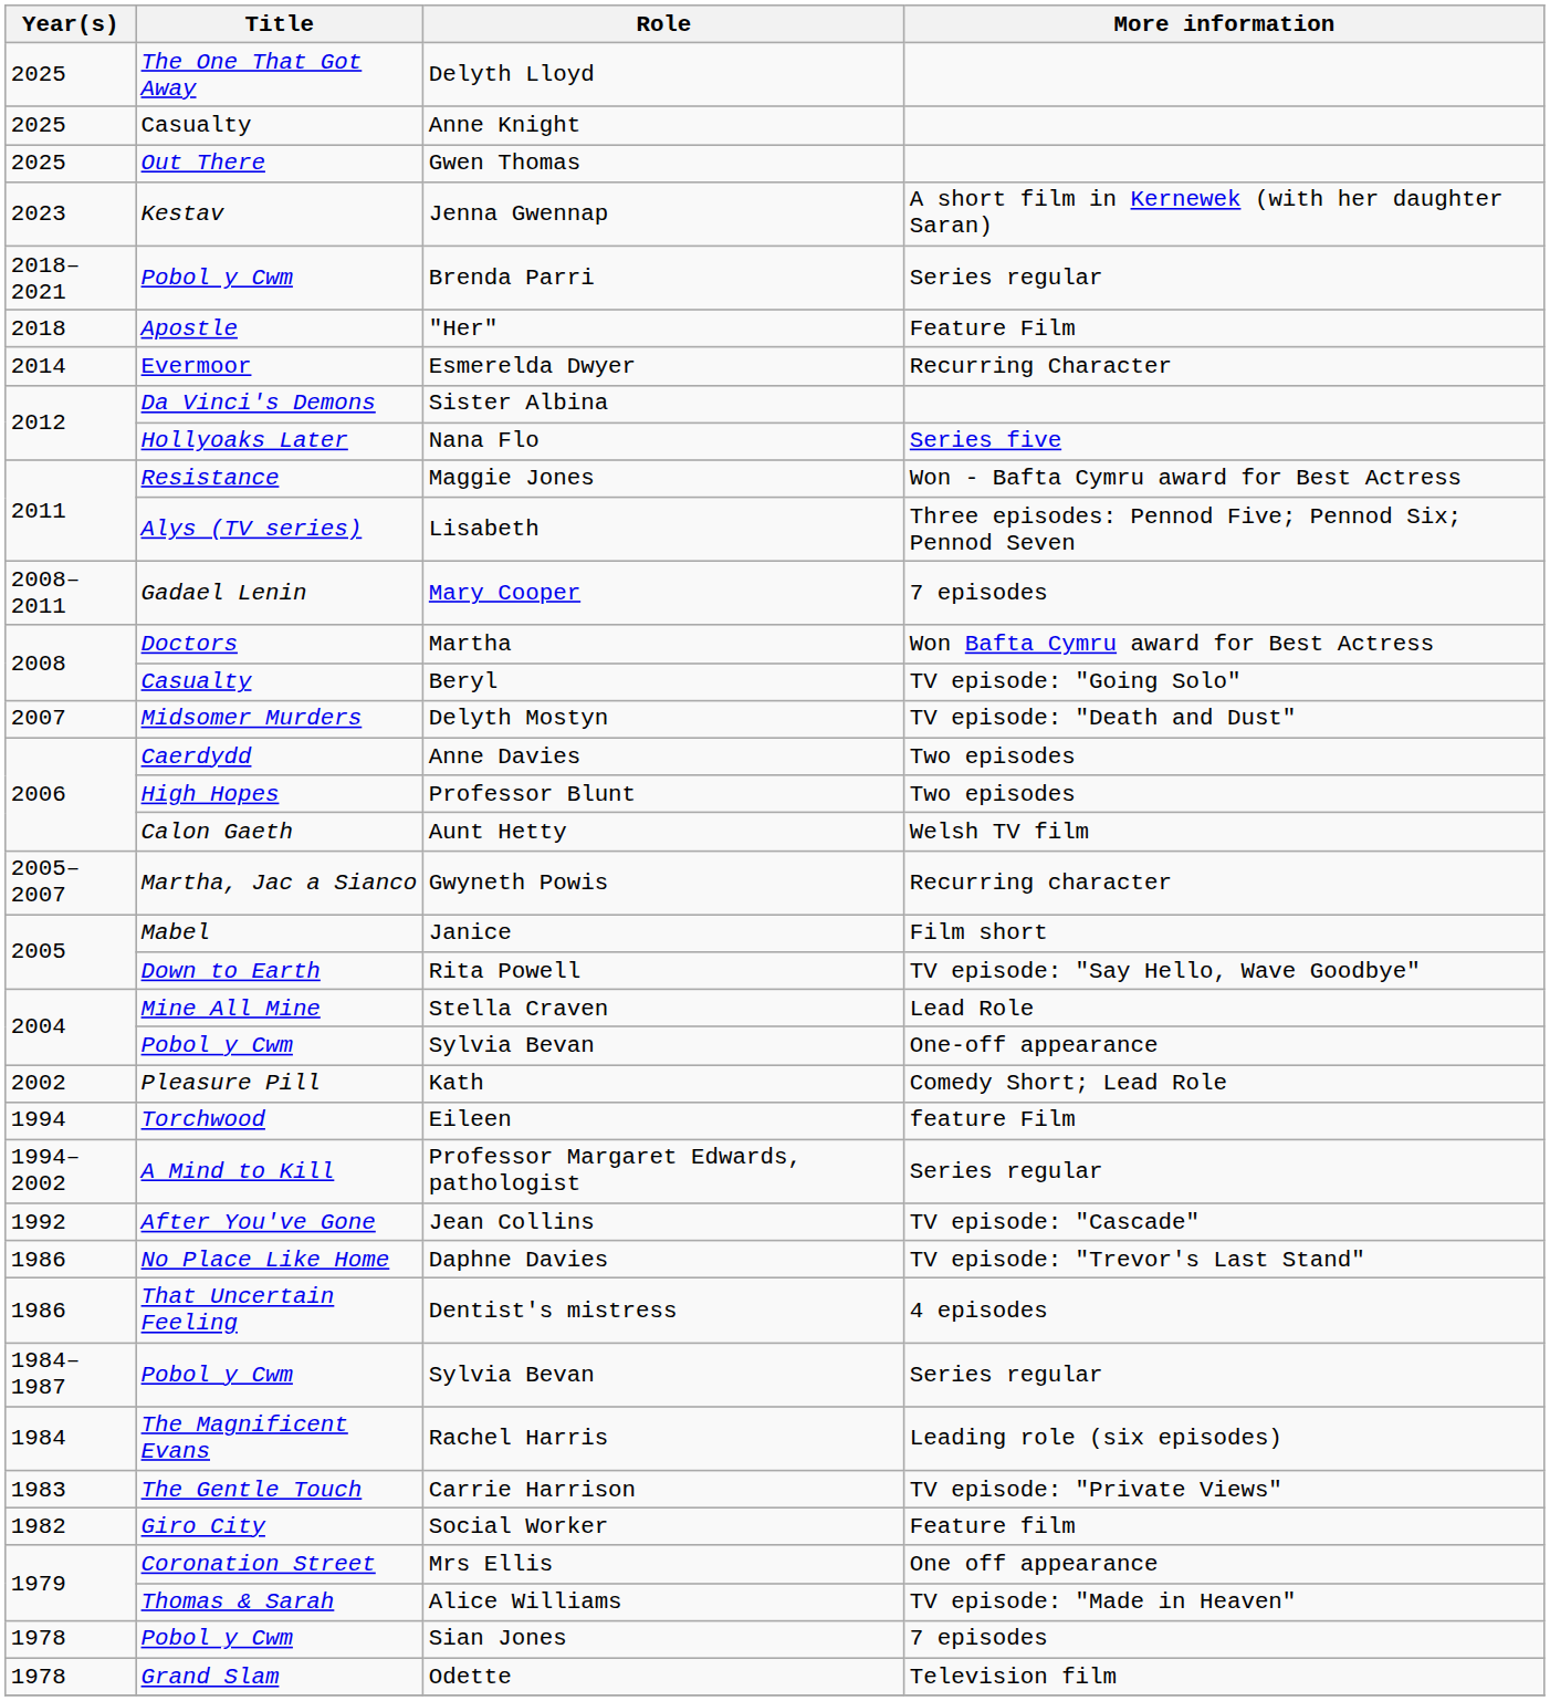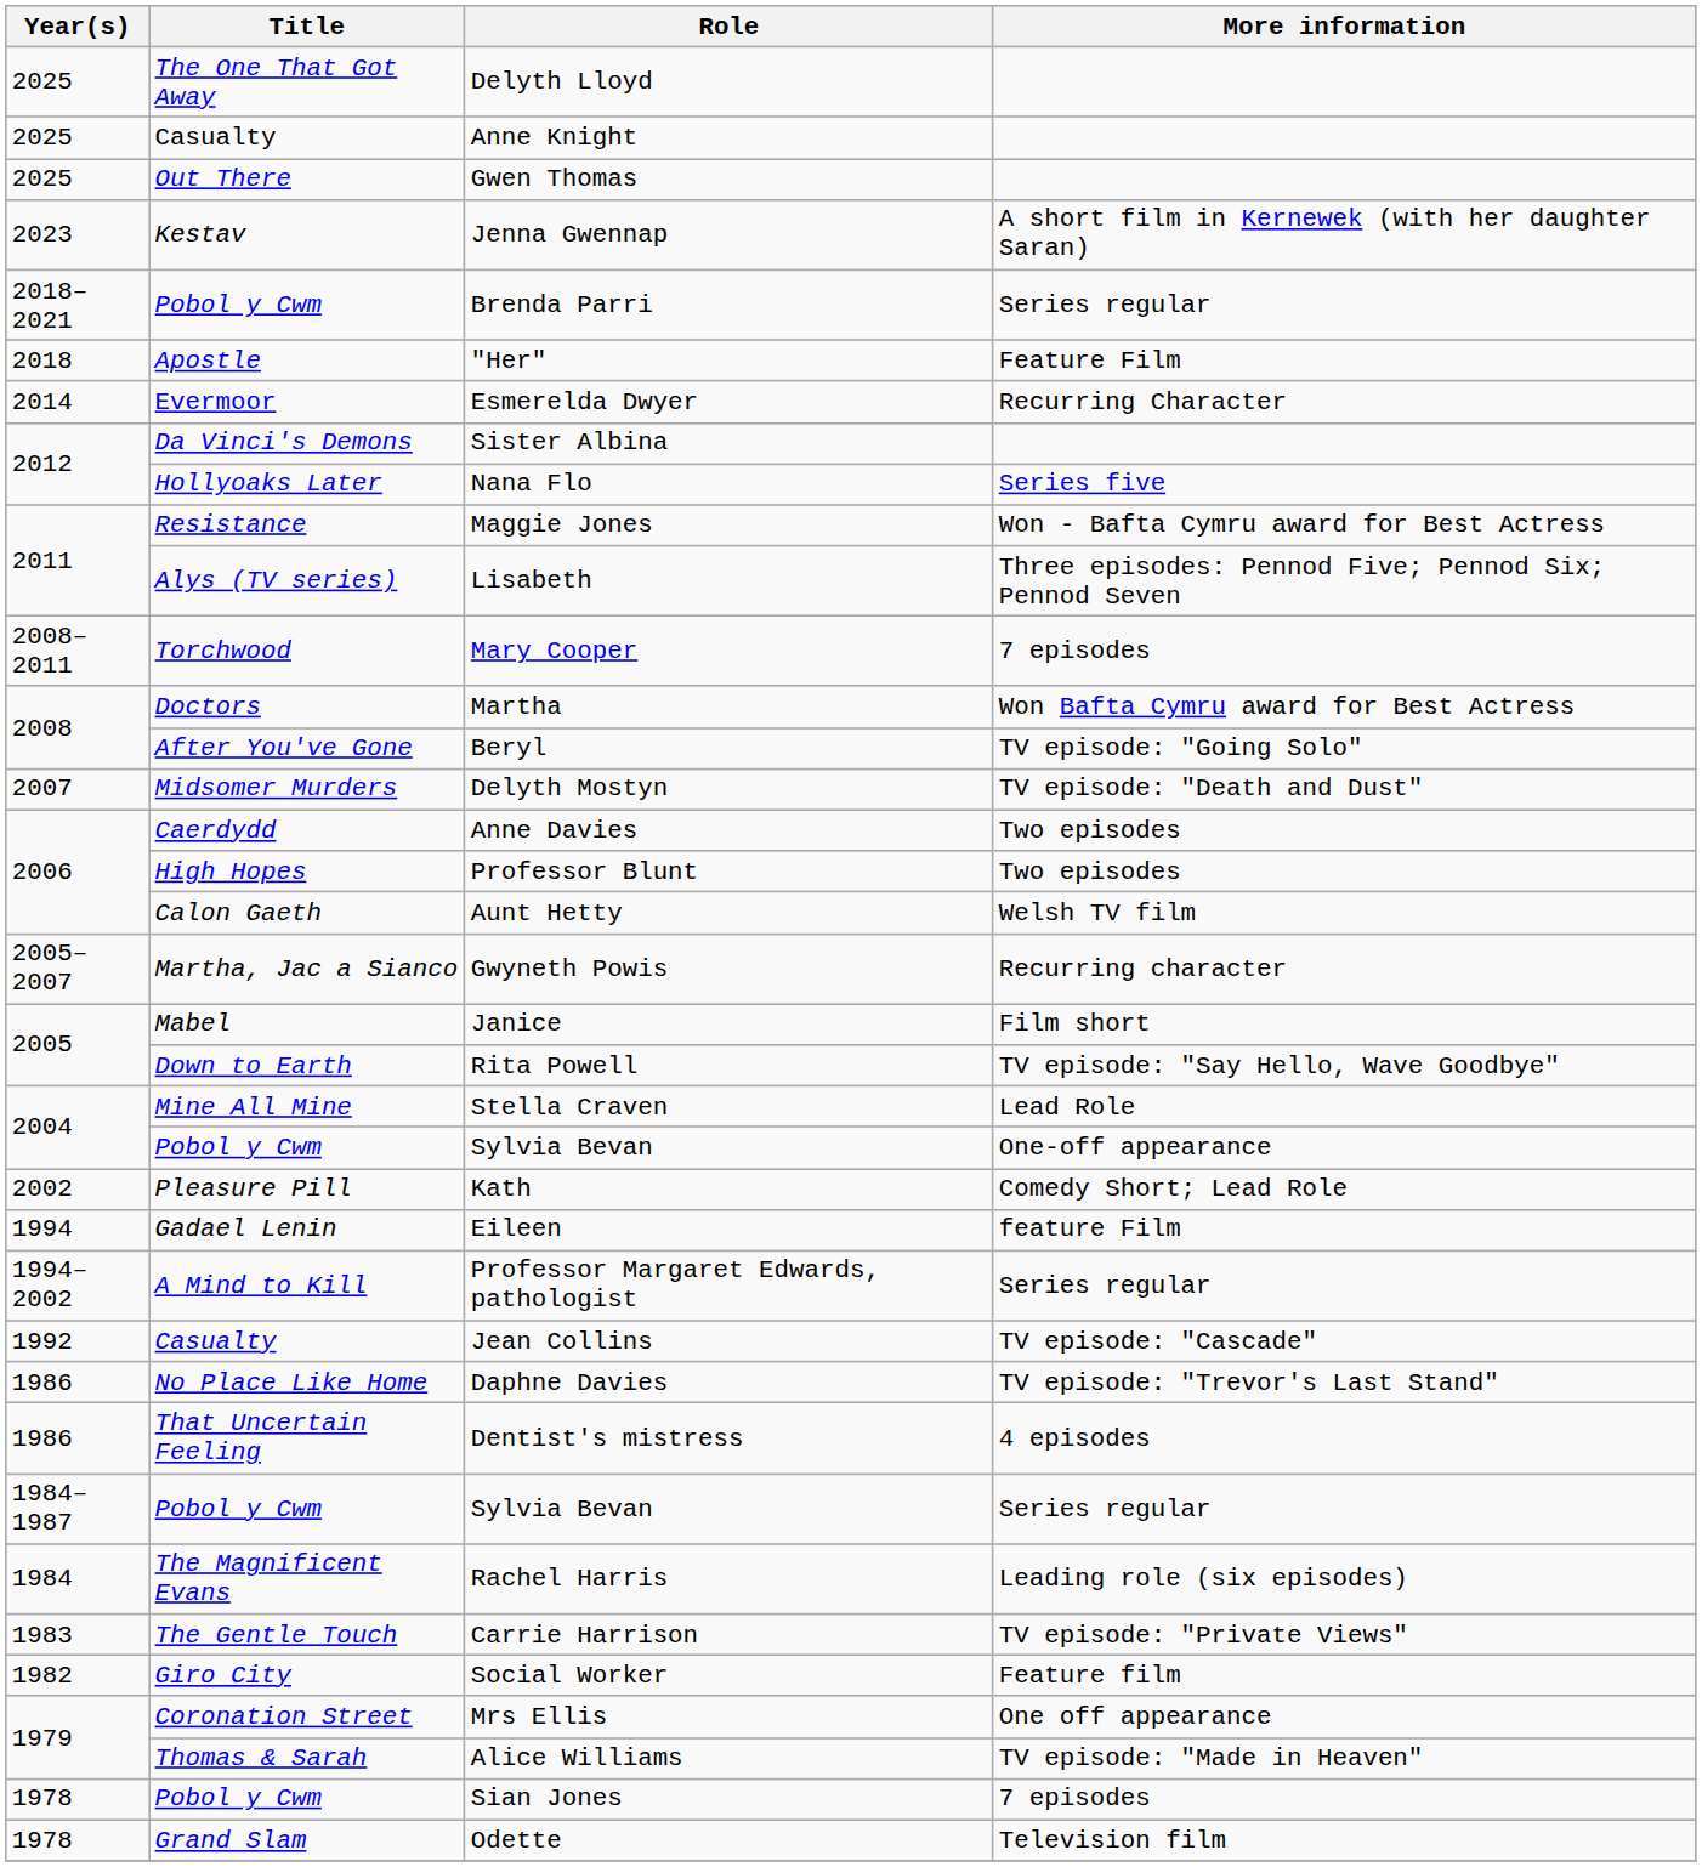 <table class="wikitable sortable">
 <tr>
 <th>Year(s)</th>
 <th>Title</th>
 <th>Role</th>
 <th class="unsortable">More information</th>
 </tr>
 <tr>
 <td>2025</td>
 <td><em><a href='#'>The One That Got Away</a></em></td>
 <td>Delyth Lloyd</td>
 <td></td>
 </tr>
 <tr>
 <td>2025</td>
 <td>Casualty</td>
 <td>Anne Knight</td>
 <td></td>
 </tr>
 <tr>
 <td>2025</td>
 <td><em><a href='#'>Out There</a></em></td>
 <td>Gwen Thomas</td>
 <td></td>
 </tr>
 <tr>
 <td rowspan = "1">2023</td>
 <td><em>Kestav</em></td>
 <td>Jenna Gwennap</td>
 <td>A short film in <a href='#'>Kernewek</a> (with her daughter Saran)</td>
 </tr>
 <tr>
 <td rowspan = "1">2018–2021</td>
 <td><em><a href='#'>Pobol y Cwm</a></em></td>
 <td>Brenda Parri</td>
 <td>Series regular</td>
 </tr>
 <tr>
 <td rowspan = "1">2018</td>
 <td><em><a href='#'>Apostle</a></em></td>
 <td>"Her"</td>
 <td>Feature Film</td>
 </tr>
 <tr>
 <td rowspan = "1">2014</td>
 <td><a href='#'>Evermoor</a></td>
 <td>Esmerelda Dwyer</td>
 <td>Recurring Character</td>
 </tr>
 <tr>
 <td rowspan ="2">2012</td>
 <td><em><a href='#'>Da Vinci's Demons</a></em></td>
 <td>Sister Albina</td>
 <td></td>
 </tr>
 <tr>
 <td><em><a href='#'>Hollyoaks Later</a></em></td>
 <td>Nana Flo</td>
 <td><a href='#'>Series five</a></td>
 </tr>
 <tr>
 <td rowspan ="2">2011</td>
 <td><em><a href='#'>Resistance</a></em></td>
 <td>Maggie Jones</td>
 <td>Won - Bafta Cymru award for Best Actress</td>
 </tr>
 <tr>
 <td><em><a href='#'>Alys (TV series)</a></em></td>
 <td>Lisabeth</td>
 <td>Three episodes: Pennod Five; Pennod Six; Pennod Seven</td>
 </tr>
 <tr>
 <td>2008–2011</td>
-<td><em>Gadael Lenin</em></td>
+<td><em><a href='#'>Torchwood</a></em></td>
 <td><a href='#'>Mary Cooper</a></td>
 <td>7 episodes</td>
 </tr>
 <tr>
 <td rowspan ="2">2008</td>
 <td><em><a href='#'>Doctors</a></em></td>
 <td>Martha</td>
 <td>Won <a href='#'>Bafta Cymru</a> award for Best Actress</td>
 </tr>
 <tr>
-<td><em><a href='#'>Casualty</a></em></td>
+<td><em><a href='#'>After You've Gone</a></em></td>
 <td>Beryl</td>
 <td>TV episode: "Going Solo"</td>
 </tr>
 <tr>
 <td>2007</td>
 <td><em><a href='#'>Midsomer Murders</a></em></td>
 <td>Delyth Mostyn</td>
 <td>TV episode: "Death and Dust"</td>
 </tr>
 <tr>
 <td rowspan ="3">2006</td>
 <td><em><a href='#'>Caerdydd</a></em></td>
 <td>Anne Davies</td>
 <td>Two episodes</td>
 </tr>
 <tr>
 <td><em><a href='#'>High Hopes</a></em></td>
 <td>Professor Blunt</td>
 <td>Two episodes</td>
 </tr>
 <tr>
 <td><em>Calon Gaeth</em></td>
 <td>Aunt Hetty</td>
 <td>Welsh TV film</td>
 </tr>
 <tr>
 <td>2005–2007</td>
 <td><em>Martha, Jac a Sianco</em></td>
 <td>Gwyneth Powis</td>
 <td>Recurring character</td>
 </tr>
 <tr>
 <td rowspan ="2">2005</td>
 <td><em>Mabel</em></td>
 <td>Janice</td>
 <td>Film short</td>
 </tr>
 <tr>
 <td><em><a href='#'>Down to Earth</a></em></td>
 <td>Rita Powell</td>
 <td>TV episode: "Say Hello, Wave Goodbye"</td>
 </tr>
 <tr>
 <td rowspan ="2">2004</td>
 <td><em><a href='#'>Mine All Mine</a></em></td>
 <td>Stella Craven</td>
 <td>Lead Role</td>
 </tr>
 <tr>
 <td><em><a href='#'>Pobol y Cwm</a></em></td>
 <td>Sylvia Bevan</td>
 <td>One-off appearance</td>
 </tr>
 <tr>
 <td>2002</td>
 <td><em>Pleasure Pill</em></td>
 <td>Kath</td>
 <td>Comedy Short; Lead Role</td>
 </tr>
 <tr>
 <td>1994</td>
-<td><em><a href='#'>Torchwood</a></em></td>
+<td><em>Gadael Lenin</em></td>
 <td>Eileen</td>
 <td>feature Film</td>
 </tr>
 <tr>
 <td>1994–2002</td>
 <td><em><a href='#'>A Mind to Kill</a></em></td>
 <td>Professor Margaret Edwards, pathologist</td>
 <td>Series regular</td>
 </tr>
 <tr>
 <td>1992</td>
-<td><em><a href='#'>After You've Gone</a></em></td>
+<td><em><a href='#'>Casualty</a></em></td>
 <td>Jean Collins</td>
 <td>TV episode: "Cascade"</td>
 </tr>
 <tr>
 <td>1986</td>
 <td><em><a href='#'>No Place Like Home</a></em></td>
 <td>Daphne Davies</td>
 <td>TV episode: "Trevor's Last Stand"</td>
 </tr>
 <tr>
 <td>1986</td>
 <td><em><a href='#'>That Uncertain Feeling</a></em></td>
 <td>Dentist's mistress</td>
 <td>4 episodes</td>
 </tr>
 <tr>
 <td>1984–1987</td>
 <td><em><a href='#'>Pobol y Cwm</a></em></td>
 <td>Sylvia Bevan</td>
 <td>Series regular</td>
 </tr>
 <tr>
 <td>1984</td>
 <td><em><a href='#'>The Magnificent Evans</a></em></td>
 <td>Rachel Harris</td>
 <td>Leading role (six episodes)</td>
 </tr>
 <tr>
 <td>1983</td>
 <td><em><a href='#'>The Gentle Touch</a></em></td>
 <td>Carrie Harrison</td>
 <td>TV episode: "Private Views"</td>
 </tr>
 <tr>
 <td>1982</td>
 <td><em><a href='#'>Giro City</a></em></td>
 <td>Social Worker</td>
 <td>Feature film</td>
 </tr>
 <tr>
 <td rowspan ="2">1979</td>
 <td><em><a href='#'>Coronation Street</a></em></td>
 <td>Mrs Ellis</td>
 <td>One off appearance</td>
 </tr>
 <tr>
 <td><em><a href='#'>Thomas & Sarah</a></em></td>
 <td>Alice Williams</td>
 <td>TV episode: "Made in Heaven"</td>
 </tr>
 <tr>
 <td>1978</td>
 <td><em><a href='#'>Pobol y Cwm</a></em></td>
 <td>Sian Jones</td>
 <td>7 episodes</td>
 </tr>
 <tr>
 <td>1978</td>
 <td><em><a href='#'>Grand Slam</a></em></td>
 <td>Odette</td>
 <td>Television film</td>
 </tr>
 <tr>
 </tr>
 </table>
